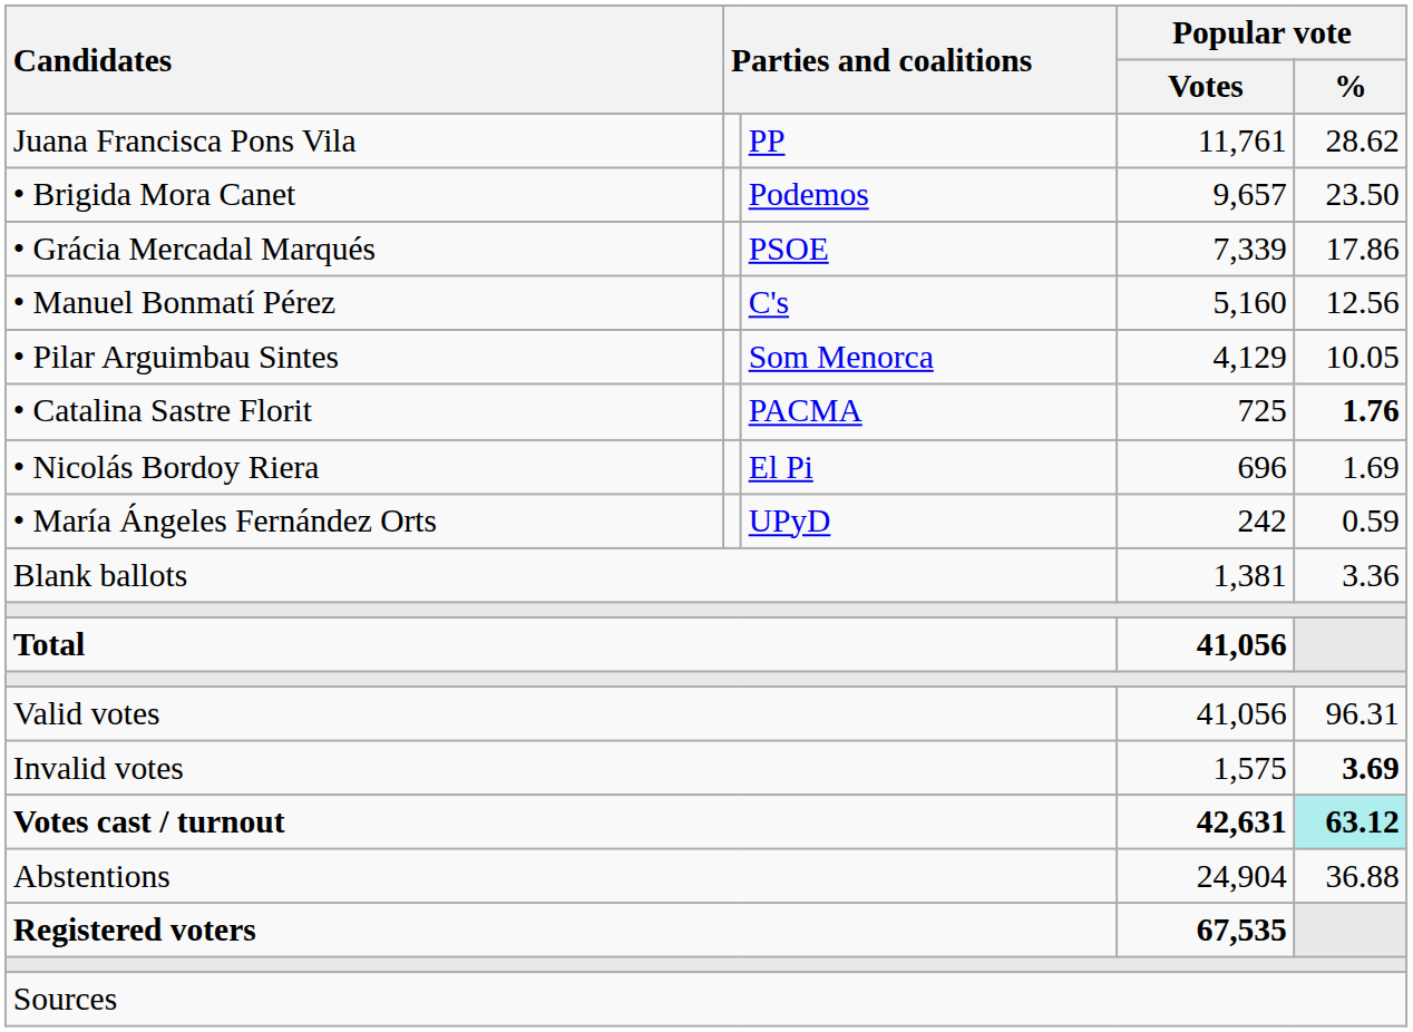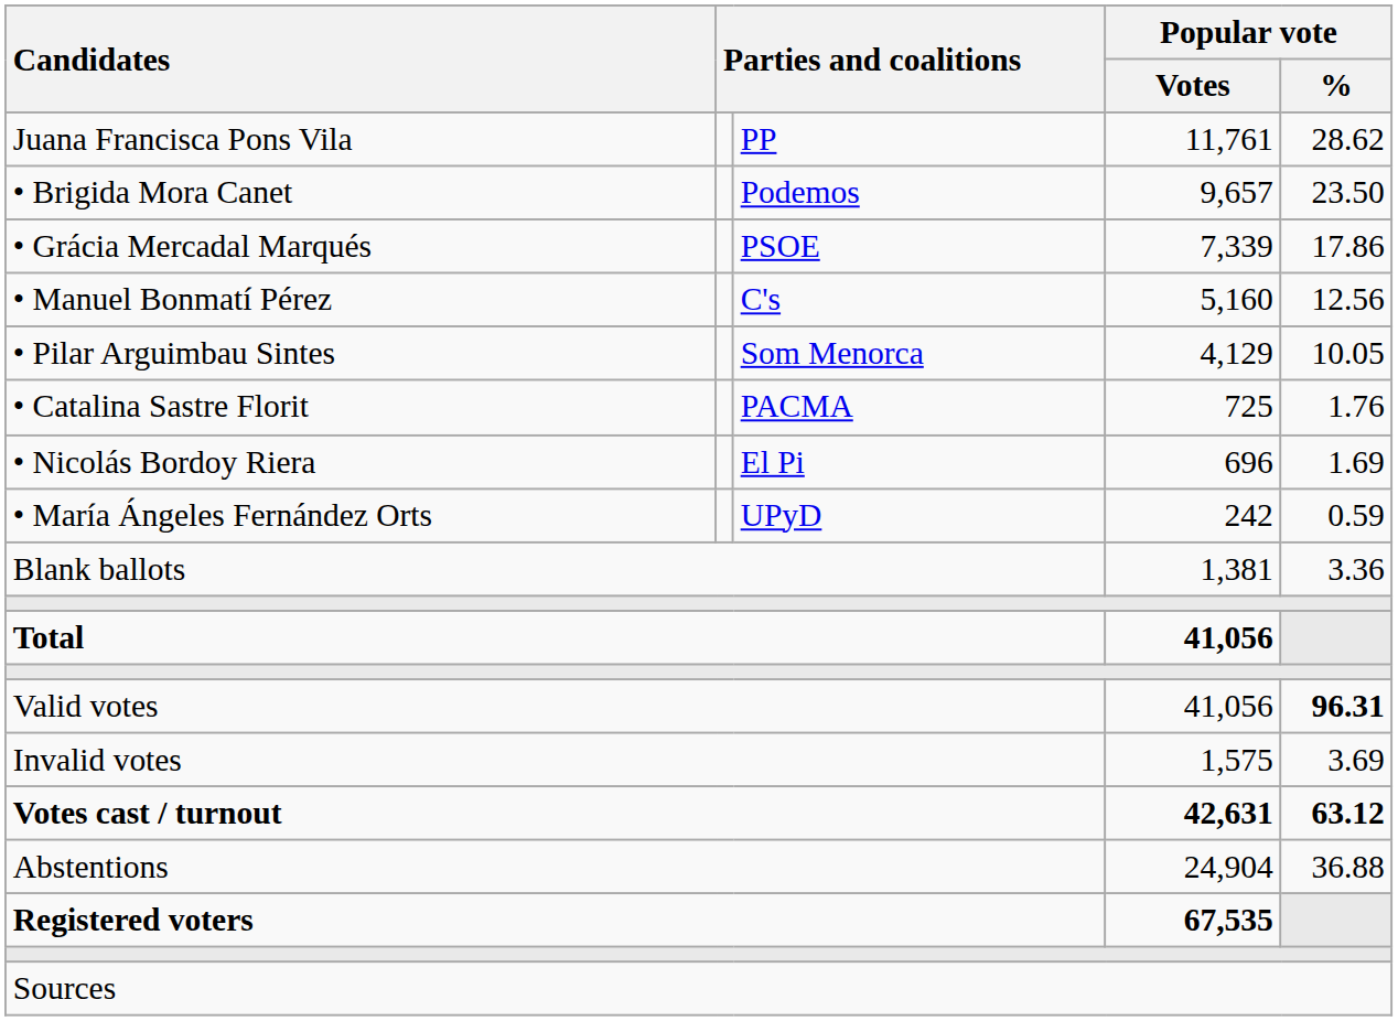 <table class="wikitable" style="text-align:right; font-size:95%;">
 <tr>
 <th style="text-align:left;" rowspan="2" width="325">Candidates</th>
 <th style="text-align:left;" rowspan="2" colspan="2" width="175">Parties and coalitions</th>
 <th colspan="2">Popular vote</th>
 </tr>
 <tr>
 <th width="75">Votes</th>
 <th width="45">%</th>
 </tr>
 <tr>
 <td align="left"> Juana Francisca Pons Vila</td>
 <td width="1" style="color:inherit;background:"></td>
 <td align="left"><a href='#'>PP</a></td>
 <td>11,761</td>
 <td>28.62</td>
 </tr>
 <tr>
 <td align="left">• Brigida Mora Canet</td>
 <td style="color:inherit;background:"></td>
 <td align="left"><a href='#'>Podemos</a></td>
 <td>9,657</td>
 <td>23.50</td>
 </tr>
 <tr>
 <td align="left">• Grácia Mercadal Marqués</td>
 <td style="color:inherit;background:"></td>
 <td align="left"><a href='#'>PSOE</a></td>
 <td>7,339</td>
 <td>17.86</td>
 </tr>
 <tr>
 <td align="left">• Manuel Bonmatí Pérez</td>
 <td style="color:inherit;background:"></td>
 <td align="left"><a href='#'>C's</a></td>
 <td>5,160</td>
 <td>12.56</td>
 </tr>
 <tr>
 <td align="left">• Pilar Arguimbau Sintes</td>
 <td style="color:inherit;background:"></td>
 <td align="left"><a href='#'>Som Menorca</a></td>
 <td>4,129</td>
 <td>10.05</td>
 </tr>
 <tr>
 <td align="left">• Catalina Sastre Florit</td>
 <td style="color:inherit;background:"></td>
 <td align="left"><a href='#'>PACMA</a></td>
 <td>725</td>
-<td><strong>1.76</strong></td>
+<td>1.76</td>
 </tr>
 <tr>
 <td align="left">• Nicolás Bordoy Riera</td>
 <td style="color:inherit;background:"></td>
 <td align="left"><a href='#'>El Pi</a></td>
 <td>696</td>
 <td>1.69</td>
 </tr>
 <tr>
 <td align="left">• María Ángeles Fernández Orts</td>
 <td style="color:inherit;background:"></td>
 <td align="left"><a href='#'>UPyD</a></td>
 <td>242</td>
 <td>0.59</td>
 </tr>
 <tr>
 <td align="left" colspan="3">Blank ballots</td>
 <td>1,381</td>
 <td>3.36</td>
 </tr>
 <tr>
 <td colspan="5" bgcolor="#E9E9E9"></td>
 </tr>
 <tr style="font-weight:bold;">
 <td align="left" colspan="3">Total</td>
 <td>41,056</td>
 <td bgcolor="#E9E9E9"></td>
 </tr>
 <tr>
 <td colspan="5" bgcolor="#E9E9E9"></td>
 </tr>
 <tr>
 <td align="left" colspan="3">Valid votes</td>
 <td>41,056</td>
-<td>96.31</td>
+<td><strong>96.31</strong></td>
 </tr>
 <tr>
 <td align="left" colspan="3">Invalid votes</td>
 <td>1,575</td>
-<td><strong>3.69</strong></td>
+<td>3.69</td>
 </tr>
 <tr style="font-weight:bold;">
 <td align="left" colspan="3">Votes cast / turnout</td>
 <td>42,631</td>
-<td style="background: paleturquoise;">63.12</td>
+<td>63.12</td>
 </tr>
 <tr>
 <td align="left" colspan="3">Abstentions</td>
 <td>24,904</td>
 <td>36.88</td>
 </tr>
 <tr style="font-weight:bold;">
 <td align="left" colspan="3">Registered voters</td>
 <td>67,535</td>
 <td bgcolor="#E9E9E9"></td>
 </tr>
 <tr>
 <td colspan="5" bgcolor="#E9E9E9"></td>
 </tr>
 <tr>
 <td align="left" colspan="5">Sources</td>
 </tr>
 </table>
